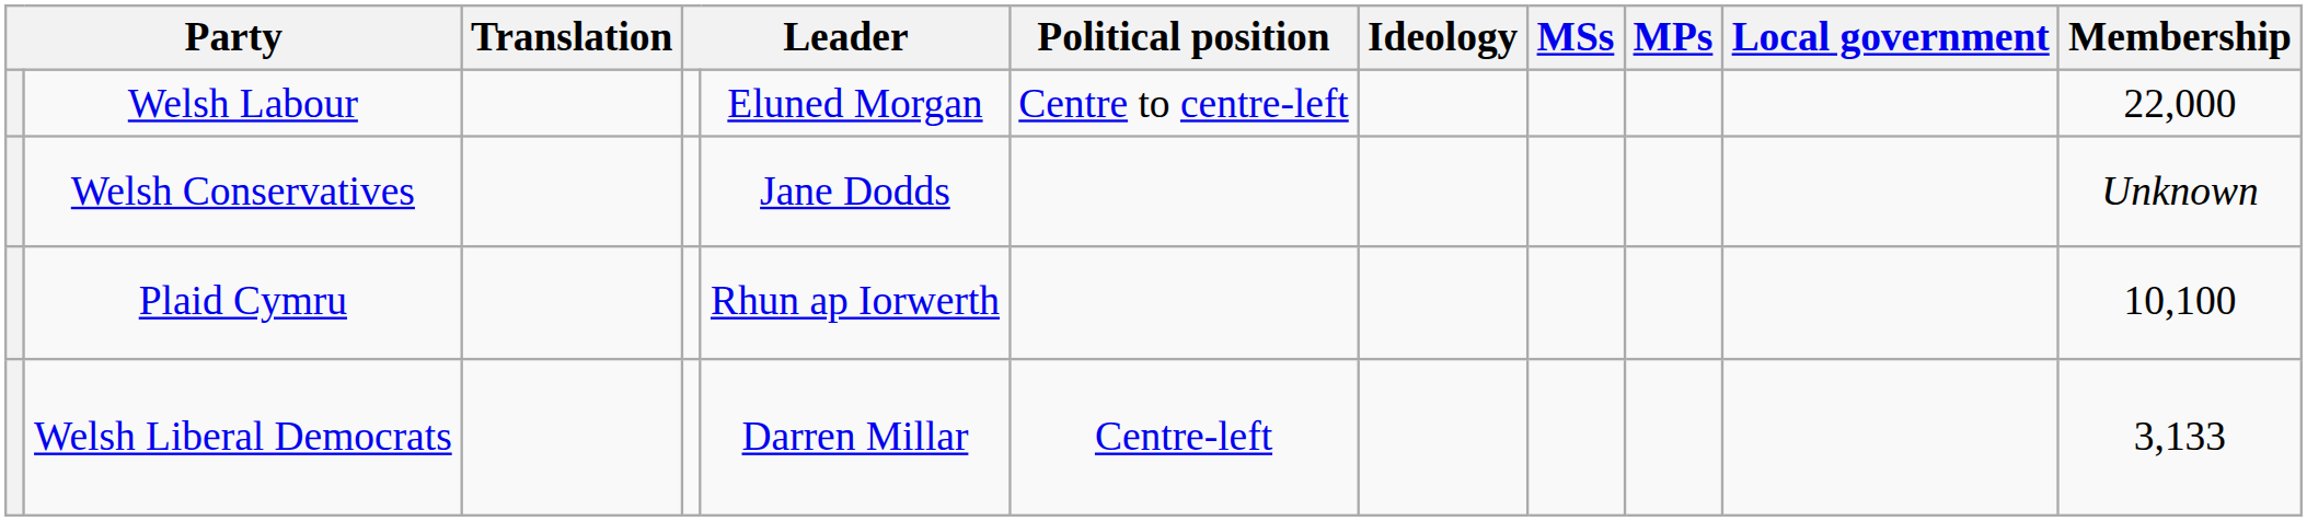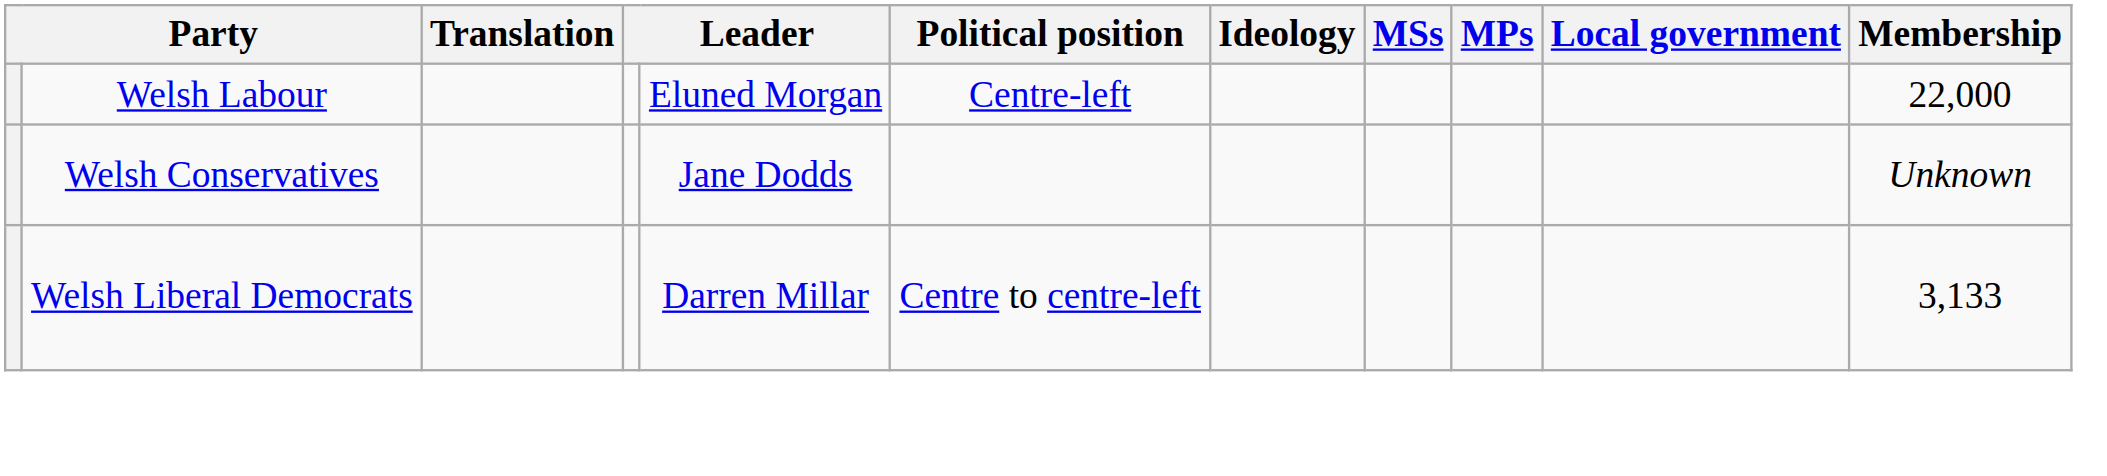 <table class="wikitable sortable" style="text-align:center">
 <tr>
 <th colspan="2">Party</th>
 <th>Translation</th>
 <th colspan="2">Leader</th>
 <th>Political position</th>
 <th>Ideology</th>
 <th><a href='#'>MSs</a></th>
 <th><a href='#'>MPs</a></th>
 <th><a href='#'>Local government</a></th>
 <th>Membership</th>
 </tr>
 <tr>
 <th style="background-color: "></th>
 <td centre><a href='#'>Welsh Labour</a></td>
 <td></td>
 <td></td>
 <td><a href='#'>Eluned Morgan</a></td>
-<td><a href='#'>Centre</a> to <a href='#'>centre-left</a></td>
+<td><a href='#'>Centre-left</a></td>
 <td><br></td>
 <td align=left></td>
 <td align=left></td>
 <td align=left></td>
 <td>22,000</td>
 </tr>
 <tr>
 <th style="background-color: "></th>
 <td centre><a href='#'>Welsh Conservatives</a></td>
 <td></td>
 <td></td>
 <td><a href='#'>Jane Dodds</a></td>
 <td></td>
 <td><br><br></td>
 <td align=left></td>
 <td align=left></td>
 <td align=left></td>
 <td><em>Unknown</em></td>
 </tr>
 <tr>
 <th style="background-color: "></th>
-<td centre><a href='#'>Plaid Cymru</a></td>
-<td></td>
-<td></td>
-<td><a href='#'>Rhun ap Iorwerth</a></td>
-<td></td>
-<td><br><br></td>
-<td align=left></td>
-<td align=left></td>
-<td align=left></td>
-<td>10,100</td>
-</tr>
-<tr>
-<th style="background-color: "></th>
 <td centre><a href='#'>Welsh Liberal Democrats</a></td>
 <td></td>
 <td></td>
 <td><a href='#'>Darren Millar</a></td>
-<td><a href='#'>Centre-left</a></td>
+<td><a href='#'>Centre</a> to <a href='#'>centre-left</a></td>
 <td><br><br><br></td>
 <td align=left></td>
 <td align=left></td>
 <td align=left></td>
 <td>3,133</td>
 </tr>
 </table>
